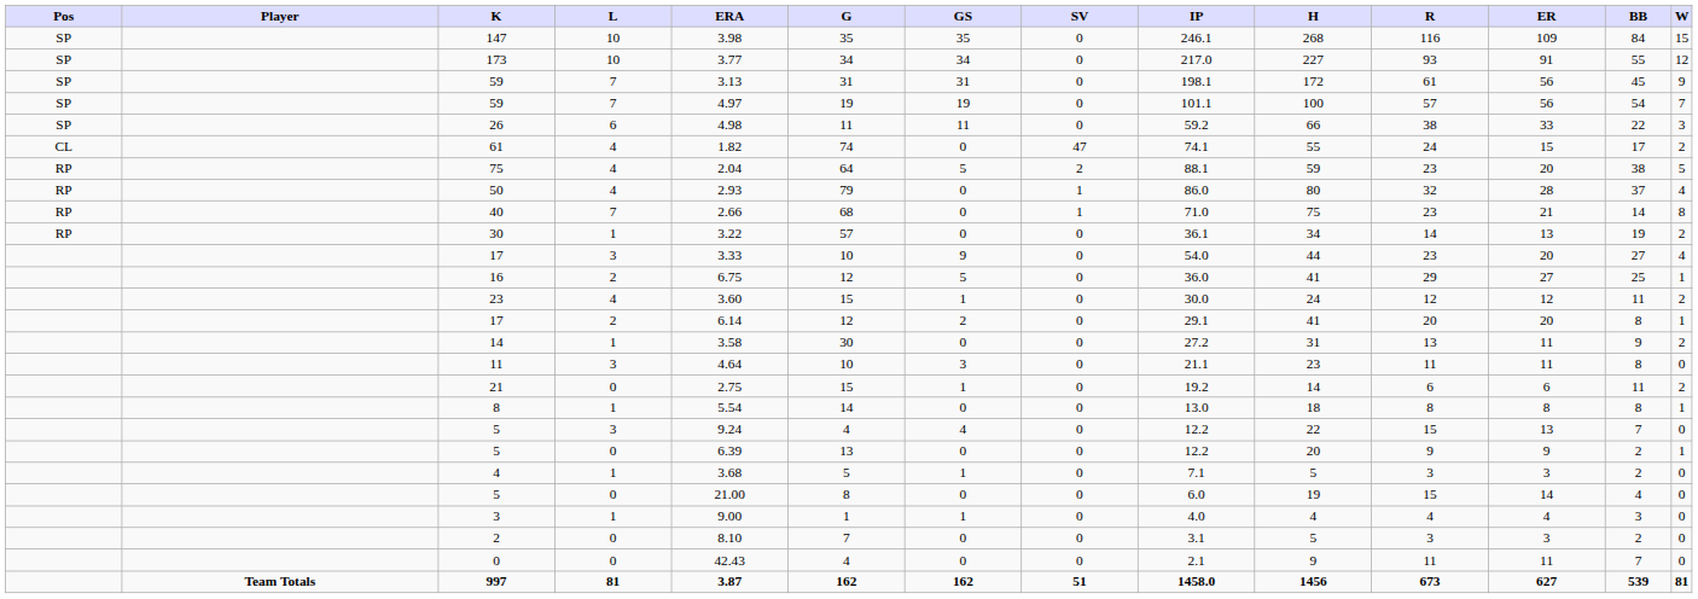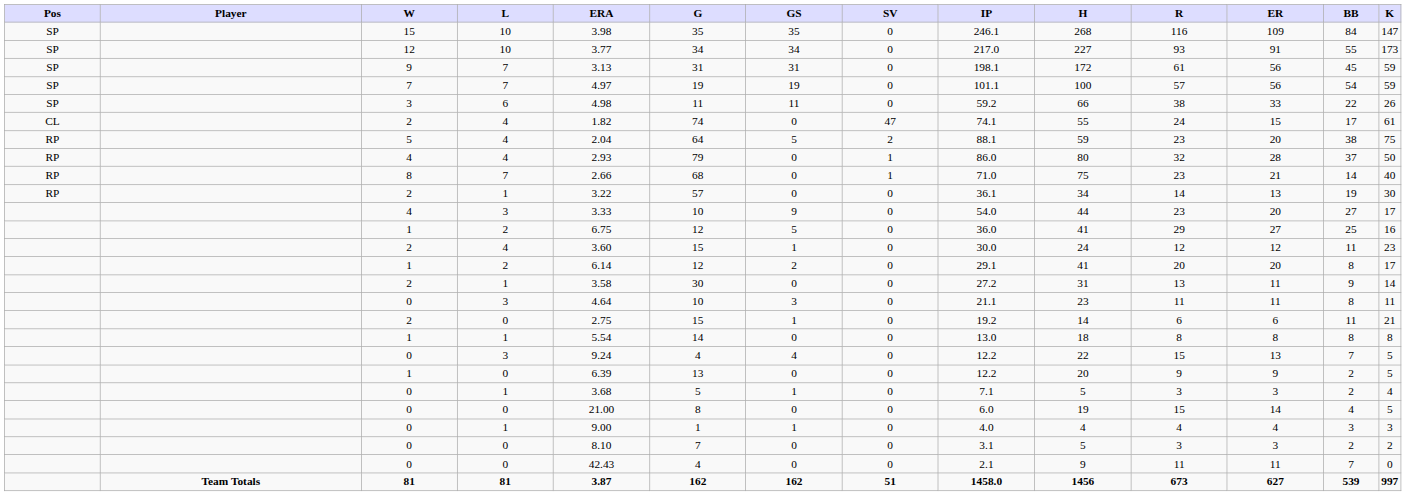 <table class="wikitable sortable">
 <tr>
 <th style="background:#ddf; width:7%;">Pos</th>
 <th style="background:#ddf; width:19%;">Player</th>
-<th style="background:#ddf; width:7%;">K</th>
+<th style="background:#ddf; width:7%;">W</th>
 <th style="background:#ddf; width:7%;">L</th>
 <th style="background:#ddf; width:7%;">ERA</th>
 <th style="background:#ddf; width:7%;">G</th>
 <th style="background:#ddf; width:7%;">GS</th>
 <th style="background:#ddf; width:7%;">SV</th>
 <th style="background:#ddf; width:7%;">IP</th>
 <th style="background:#ddf; width:7%;">H</th>
 <th style="background:#ddf; width:7%;">R</th>
 <th style="background:#ddf; width:7%;">ER</th>
 <th style="background:#ddf; width:7%;">BB</th>
-<th style="background:#ddf; width:7%;">W</th>
+<th style="background:#ddf; width:7%;">K</th>
 </tr>
 <tr style="text-align:center;">
 <td>SP</td>
 <td></td>
-<td>147</td>
+<td>15</td>
 <td>10</td>
 <td>3.98</td>
 <td>35</td>
 <td>35</td>
 <td>0</td>
 <td>246.1</td>
 <td>268</td>
 <td>116</td>
 <td>109</td>
 <td>84</td>
-<td>15</td>
+<td>147</td>
 </tr>
 <tr style="text-align:center;">
 <td>SP</td>
 <td></td>
-<td>173</td>
+<td>12</td>
 <td>10</td>
 <td>3.77</td>
 <td>34</td>
 <td>34</td>
 <td>0</td>
 <td>217.0</td>
 <td>227</td>
 <td>93</td>
 <td>91</td>
 <td>55</td>
-<td>12</td>
+<td>173</td>
 </tr>
 <tr style="text-align:center;">
 <td>SP</td>
 <td></td>
-<td>59</td>
+<td>9</td>
 <td>7</td>
 <td>3.13</td>
 <td>31</td>
 <td>31</td>
 <td>0</td>
 <td>198.1</td>
 <td>172</td>
 <td>61</td>
 <td>56</td>
 <td>45</td>
-<td>9</td>
+<td>59</td>
 </tr>
 <tr style="text-align:center;">
 <td>SP</td>
 <td></td>
-<td>59</td>
+<td>7</td>
 <td>7</td>
 <td>4.97</td>
 <td>19</td>
 <td>19</td>
 <td>0</td>
 <td>101.1</td>
 <td>100</td>
 <td>57</td>
 <td>56</td>
 <td>54</td>
-<td>7</td>
+<td>59</td>
 </tr>
 <tr style="text-align:center;">
 <td>SP</td>
 <td></td>
-<td>26</td>
+<td>3</td>
 <td>6</td>
 <td>4.98</td>
 <td>11</td>
 <td>11</td>
 <td>0</td>
 <td>59.2</td>
 <td>66</td>
 <td>38</td>
 <td>33</td>
 <td>22</td>
-<td>3</td>
+<td>26</td>
 </tr>
 <tr style="text-align:center;">
 <td>CL</td>
 <td></td>
-<td>61</td>
+<td>2</td>
 <td>4</td>
 <td>1.82</td>
 <td>74</td>
 <td>0</td>
 <td>47</td>
 <td>74.1</td>
 <td>55</td>
 <td>24</td>
 <td>15</td>
 <td>17</td>
-<td>2</td>
+<td>61</td>
 </tr>
 <tr style="text-align:center;">
 <td>RP</td>
 <td></td>
-<td>75</td>
+<td>5</td>
 <td>4</td>
 <td>2.04</td>
 <td>64</td>
 <td>5</td>
 <td>2</td>
 <td>88.1</td>
 <td>59</td>
 <td>23</td>
 <td>20</td>
 <td>38</td>
-<td>5</td>
+<td>75</td>
 </tr>
 <tr style="text-align:center;">
 <td>RP</td>
 <td></td>
-<td>50</td>
+<td>4</td>
 <td>4</td>
 <td>2.93</td>
 <td>79</td>
 <td>0</td>
 <td>1</td>
 <td>86.0</td>
 <td>80</td>
 <td>32</td>
 <td>28</td>
 <td>37</td>
-<td>4</td>
+<td>50</td>
 </tr>
 <tr style="text-align:center;">
 <td>RP</td>
 <td></td>
-<td>40</td>
+<td>8</td>
 <td>7</td>
 <td>2.66</td>
 <td>68</td>
 <td>0</td>
 <td>1</td>
 <td>71.0</td>
 <td>75</td>
 <td>23</td>
 <td>21</td>
 <td>14</td>
-<td>8</td>
+<td>40</td>
 </tr>
 <tr style="text-align:center;">
 <td>RP</td>
 <td></td>
-<td>30</td>
+<td>2</td>
 <td>1</td>
 <td>3.22</td>
 <td>57</td>
 <td>0</td>
 <td>0</td>
 <td>36.1</td>
 <td>34</td>
 <td>14</td>
 <td>13</td>
 <td>19</td>
-<td>2</td>
+<td>30</td>
 </tr>
 <tr style="text-align:center;">
 <td></td>
 <td></td>
-<td>17</td>
+<td>4</td>
 <td>3</td>
 <td>3.33</td>
 <td>10</td>
 <td>9</td>
 <td>0</td>
 <td>54.0</td>
 <td>44</td>
 <td>23</td>
 <td>20</td>
 <td>27</td>
-<td>4</td>
+<td>17</td>
 </tr>
 <tr style="text-align:center;">
 <td></td>
 <td></td>
-<td>16</td>
+<td>1</td>
 <td>2</td>
 <td>6.75</td>
 <td>12</td>
 <td>5</td>
 <td>0</td>
 <td>36.0</td>
 <td>41</td>
 <td>29</td>
 <td>27</td>
 <td>25</td>
-<td>1</td>
+<td>16</td>
 </tr>
 <tr style="text-align:center;">
 <td></td>
 <td></td>
-<td>23</td>
+<td>2</td>
 <td>4</td>
 <td>3.60</td>
 <td>15</td>
 <td>1</td>
 <td>0</td>
 <td>30.0</td>
 <td>24</td>
 <td>12</td>
 <td>12</td>
 <td>11</td>
-<td>2</td>
+<td>23</td>
 </tr>
 <tr style="text-align:center;">
 <td></td>
 <td></td>
-<td>17</td>
+<td>1</td>
 <td>2</td>
 <td>6.14</td>
 <td>12</td>
 <td>2</td>
 <td>0</td>
 <td>29.1</td>
 <td>41</td>
 <td>20</td>
 <td>20</td>
 <td>8</td>
-<td>1</td>
+<td>17</td>
 </tr>
 <tr style="text-align:center;">
 <td></td>
 <td></td>
-<td>14</td>
+<td>2</td>
 <td>1</td>
 <td>3.58</td>
 <td>30</td>
 <td>0</td>
 <td>0</td>
 <td>27.2</td>
 <td>31</td>
 <td>13</td>
 <td>11</td>
 <td>9</td>
-<td>2</td>
+<td>14</td>
 </tr>
 <tr style="text-align:center;">
 <td></td>
 <td></td>
-<td>11</td>
+<td>0</td>
 <td>3</td>
 <td>4.64</td>
 <td>10</td>
 <td>3</td>
 <td>0</td>
 <td>21.1</td>
 <td>23</td>
 <td>11</td>
 <td>11</td>
 <td>8</td>
-<td>0</td>
+<td>11</td>
 </tr>
 <tr style="text-align:center;">
 <td></td>
 <td></td>
-<td>21</td>
+<td>2</td>
 <td>0</td>
 <td>2.75</td>
 <td>15</td>
 <td>1</td>
 <td>0</td>
 <td>19.2</td>
 <td>14</td>
 <td>6</td>
 <td>6</td>
 <td>11</td>
-<td>2</td>
+<td>21</td>
 </tr>
 <tr style="text-align:center;">
 <td></td>
 <td></td>
-<td>8</td>
+<td>1</td>
 <td>1</td>
 <td>5.54</td>
 <td>14</td>
 <td>0</td>
 <td>0</td>
 <td>13.0</td>
 <td>18</td>
 <td>8</td>
 <td>8</td>
 <td>8</td>
-<td>1</td>
+<td>8</td>
 </tr>
 <tr style="text-align:center;">
 <td></td>
 <td></td>
-<td>5</td>
+<td>0</td>
 <td>3</td>
 <td>9.24</td>
 <td>4</td>
 <td>4</td>
 <td>0</td>
 <td>12.2</td>
 <td>22</td>
 <td>15</td>
 <td>13</td>
 <td>7</td>
-<td>0</td>
+<td>5</td>
 </tr>
 <tr style="text-align:center;">
 <td></td>
 <td></td>
-<td>5</td>
+<td>1</td>
 <td>0</td>
 <td>6.39</td>
 <td>13</td>
 <td>0</td>
 <td>0</td>
 <td>12.2</td>
 <td>20</td>
 <td>9</td>
 <td>9</td>
 <td>2</td>
-<td>1</td>
+<td>5</td>
 </tr>
 <tr style="text-align:center;">
 <td></td>
 <td></td>
-<td>4</td>
+<td>0</td>
 <td>1</td>
 <td>3.68</td>
 <td>5</td>
 <td>1</td>
 <td>0</td>
 <td>7.1</td>
 <td>5</td>
 <td>3</td>
 <td>3</td>
 <td>2</td>
-<td>0</td>
+<td>4</td>
 </tr>
 <tr style="text-align:center;">
 <td></td>
 <td></td>
-<td>5</td>
+<td>0</td>
 <td>0</td>
 <td>21.00</td>
 <td>8</td>
 <td>0</td>
 <td>0</td>
 <td>6.0</td>
 <td>19</td>
 <td>15</td>
 <td>14</td>
 <td>4</td>
-<td>0</td>
+<td>5</td>
 </tr>
 <tr style="text-align:center;">
 <td></td>
 <td></td>
-<td>3</td>
+<td>0</td>
 <td>1</td>
 <td>9.00</td>
 <td>1</td>
 <td>1</td>
 <td>0</td>
 <td>4.0</td>
 <td>4</td>
 <td>4</td>
 <td>4</td>
 <td>3</td>
-<td>0</td>
+<td>3</td>
 </tr>
 <tr style="text-align:center;">
 <td></td>
 <td></td>
-<td>2</td>
+<td>0</td>
 <td>0</td>
 <td>8.10</td>
 <td>7</td>
 <td>0</td>
 <td>0</td>
 <td>3.1</td>
 <td>5</td>
 <td>3</td>
 <td>3</td>
 <td>2</td>
-<td>0</td>
+<td>2</td>
 </tr>
 <tr style="text-align:center;">
 <td></td>
 <td></td>
 <td>0</td>
 <td>0</td>
 <td>42.43</td>
 <td>4</td>
 <td>0</td>
 <td>0</td>
 <td>2.1</td>
 <td>9</td>
 <td>11</td>
 <td>11</td>
 <td>7</td>
 <td>0</td>
 </tr>
 <tr style="text-align:center;" class="unsortable">
 <td></td>
 <td><strong>Team Totals</strong></td>
-<td><strong>997</strong></td>
+<td><strong>81</strong></td>
 <td><strong>81</strong></td>
 <td><strong>3.87</strong></td>
 <td><strong>162</strong></td>
 <td><strong>162</strong></td>
 <td><strong>51</strong></td>
 <td><strong>1458.0</strong></td>
 <td><strong>1456</strong></td>
 <td><strong>673</strong></td>
 <td><strong>627</strong></td>
 <td><strong>539</strong></td>
-<td><strong>81</strong></td>
+<td><strong>997</strong></td>
 </tr>
 </table>
